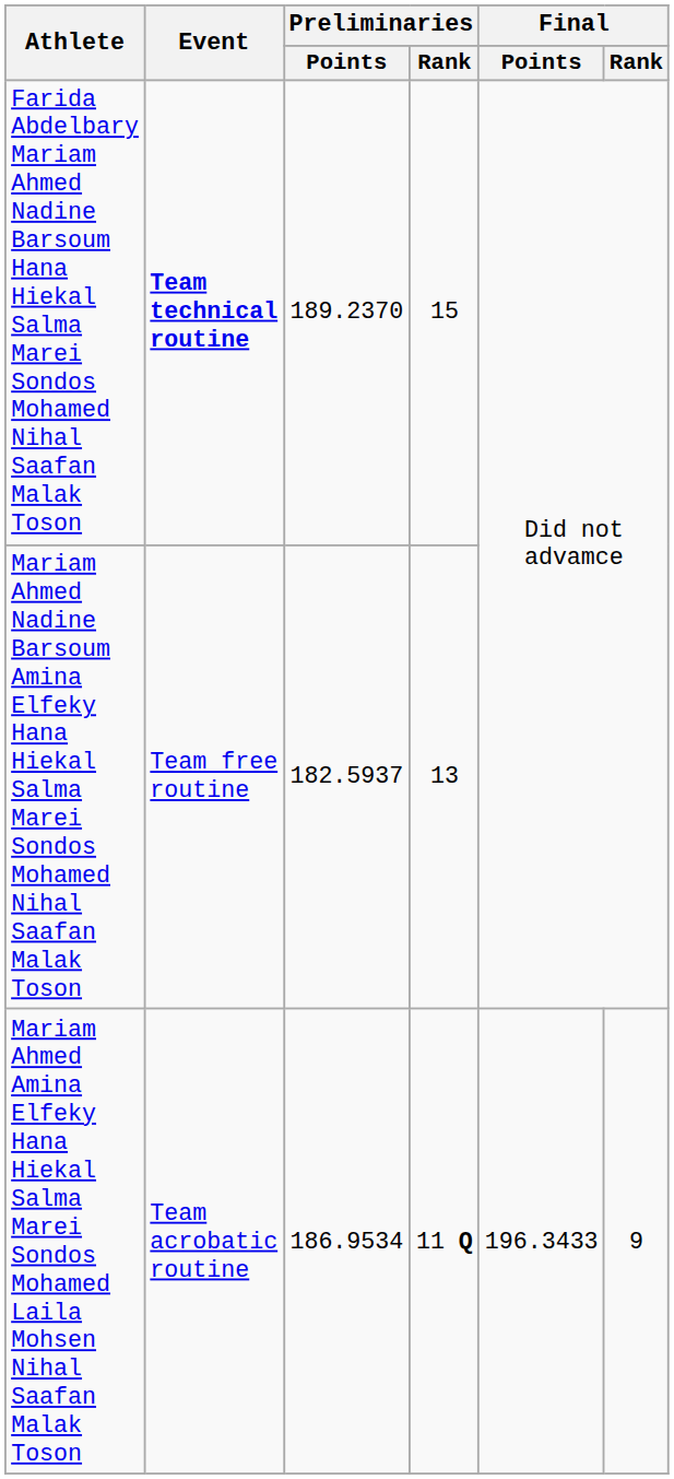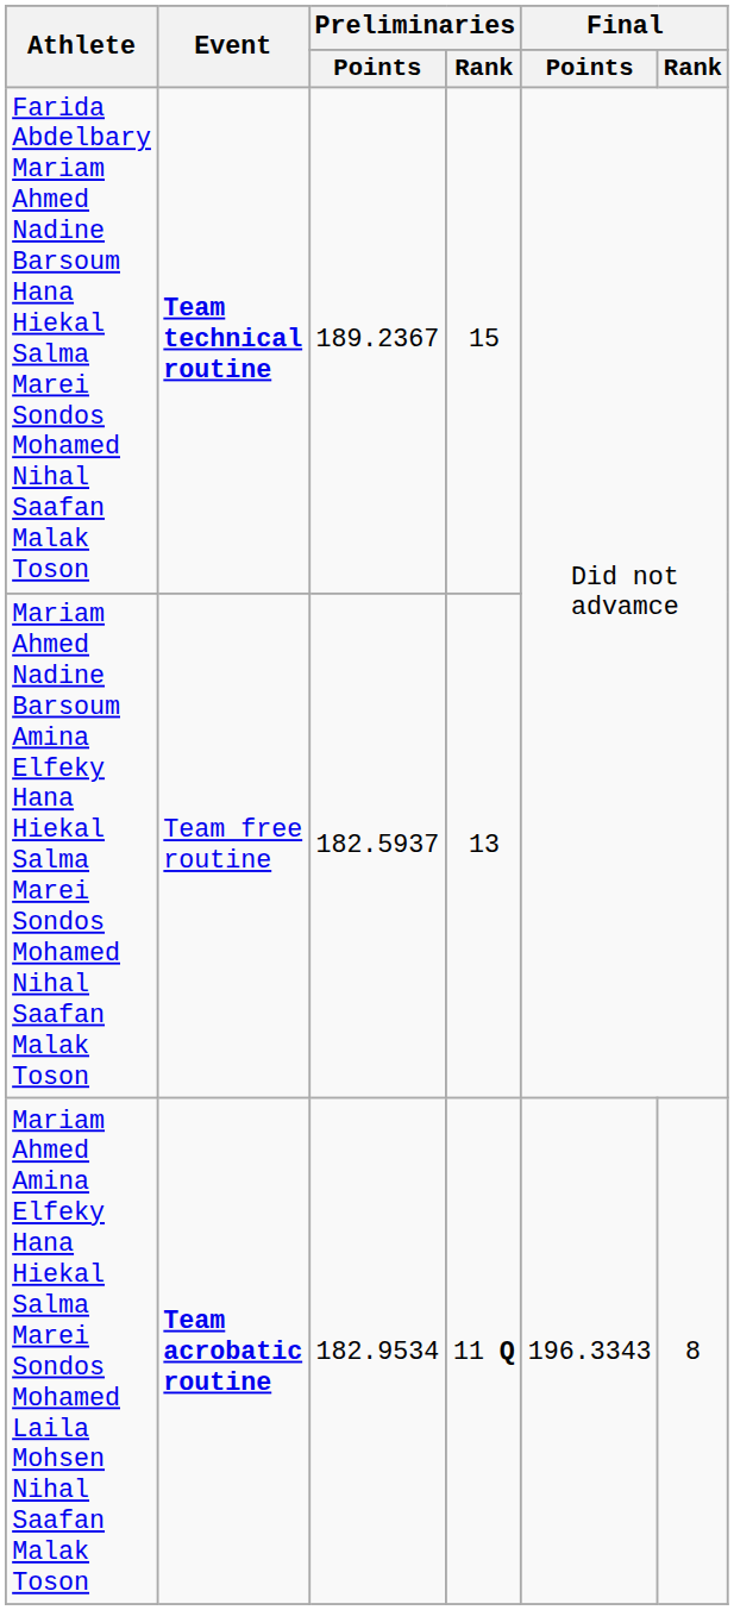 <table class="wikitable" style="text-align:center; font-size:90%; width:50%;">
 <tr>
 <th rowspan="2">Athlete</th>
 <th rowspan="2">Event</th>
 <th colspan="2">Preliminaries</th>
 <th colspan="2">Final</th>
 </tr>
 <tr style="font-size:95%">
 <th>Points</th>
 <th>Rank</th>
 <th>Points</th>
 <th>Rank</th>
 </tr>
 <tr>
 <td align=left><a href='#'>Farida Abdelbary</a><br><a href='#'>Mariam Ahmed</a><br><a href='#'>Nadine Barsoum</a><br><a href='#'>Hana Hiekal</a><br><a href='#'>Salma Marei</a><br><a href='#'>Sondos Mohamed</a><br><a href='#'>Nihal Saafan</a><br><a href='#'>Malak Toson</a></td>
 <td align=left><strong><a href='#'>Team technical routine</a></strong></td>
-<td>189.2370</td>
+<td>189.2367</td>
 <td>15</td>
 <td colspan=2 rowspan=2>Did not advamce</td>
 </tr>
 <tr>
 <td align=left><a href='#'>Mariam Ahmed</a><br><a href='#'>Nadine Barsoum</a><br><a href='#'>Amina Elfeky</a><br><a href='#'>Hana Hiekal</a><br><a href='#'>Salma Marei</a><br><a href='#'>Sondos Mohamed</a><br><a href='#'>Nihal Saafan</a><br><a href='#'>Malak Toson</a></td>
 <td align=left><a href='#'>Team free routine</a></td>
 <td>182.5937</td>
 <td>13</td>
 </tr>
 <tr>
 <td align=left><a href='#'>Mariam Ahmed</a><br><a href='#'>Amina Elfeky</a><br><a href='#'>Hana Hiekal</a><br><a href='#'>Salma Marei</a><br><a href='#'>Sondos Mohamed</a><br><a href='#'>Laila Mohsen</a><br><a href='#'>Nihal Saafan</a><br><a href='#'>Malak Toson</a></td>
-<td align=left><a href='#'>Team acrobatic routine</a></td>
-<td>186.9534</td>
+<td align=left><strong><a href='#'>Team acrobatic routine</a></strong></td>
+<td>182.9534</td>
 <td>11 <strong>Q</strong></td>
-<td>196.3433</td>
-<td>9</td>
+<td>196.3343</td>
+<td>8</td>
 </tr>
 </table>
